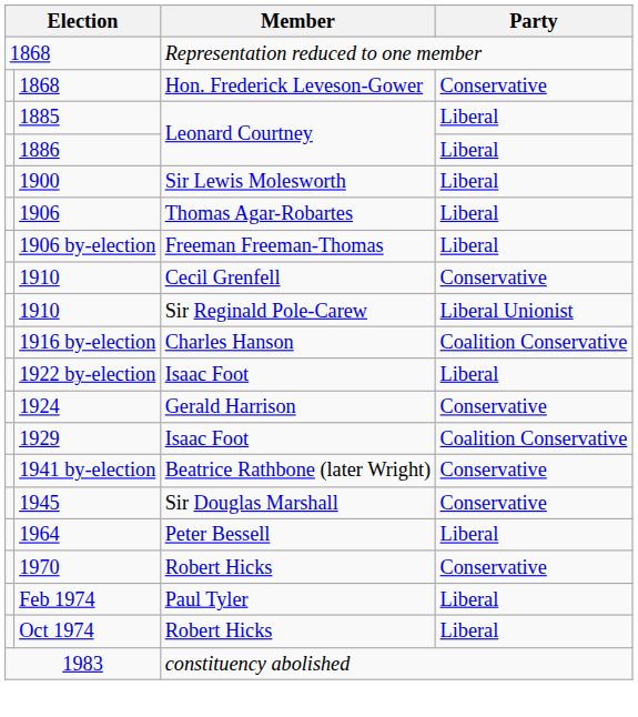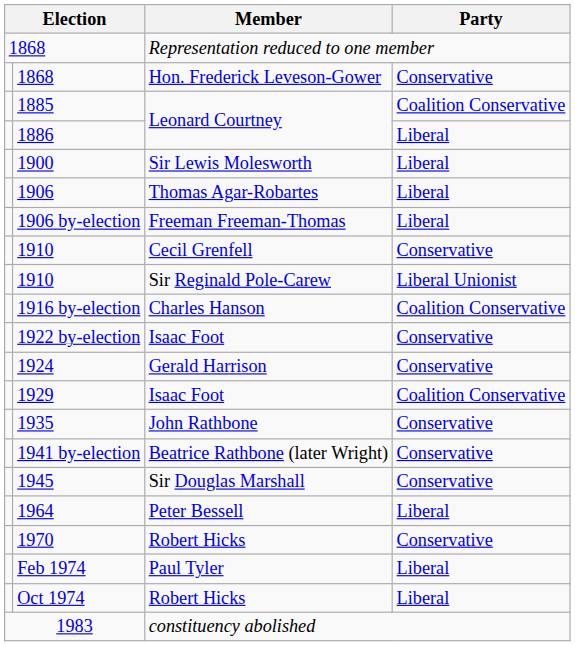 <table class="wikitable">
 <tr>
 <th colspan="2">Election</th>
 <th>Member</th>
 <th>Party</th>
 </tr>
 <tr>
 <td colspan="2"><a href='#'>1868</a></td>
 <td colspan="2"><em>Representation reduced to one member</em></td>
 </tr>
 <tr>
 <td style="color:inherit;background-color: "></td>
 <td><a href='#'>1868</a></td>
 <td><a href='#'>Hon. Frederick Leveson-Gower</a></td>
 <td><a href='#'>Conservative</a></td>
 </tr>
 <tr>
 <td style="color:inherit;background-color: "></td>
 <td><a href='#'>1885</a></td>
 <td rowspan="2"><a href='#'>Leonard Courtney</a></td>
-<td><a href='#'>Liberal</a></td>
+<td><a href='#'>Coalition Conservative</a></td>
 </tr>
 <tr>
 <td style="color:inherit;background-color: "></td>
 <td><a href='#'>1886</a></td>
 <td><a href='#'>Liberal</a></td>
 </tr>
 <tr>
 <td style="color:inherit;background-color: "></td>
 <td><a href='#'>1900</a></td>
 <td><a href='#'>Sir Lewis Molesworth</a></td>
 <td><a href='#'>Liberal</a></td>
 </tr>
 <tr>
 <td style="color:inherit;background-color: "></td>
 <td><a href='#'>1906</a></td>
 <td><a href='#'>Thomas Agar-Robartes</a></td>
 <td><a href='#'>Liberal</a></td>
 </tr>
 <tr>
 <td style="color:inherit;background-color: "></td>
 <td><a href='#'>1906 by-election</a></td>
 <td><a href='#'>Freeman Freeman-Thomas</a></td>
 <td><a href='#'>Liberal</a></td>
 </tr>
 <tr>
 <td style="color:inherit;background-color: "></td>
 <td><a href='#'>1910</a></td>
 <td><a href='#'>Cecil Grenfell</a></td>
 <td><a href='#'>Conservative</a></td>
 </tr>
 <tr>
 <td style="color:inherit;background-color: "></td>
 <td><a href='#'>1910</a></td>
 <td>Sir <a href='#'>Reginald Pole-Carew</a></td>
 <td><a href='#'>Liberal Unionist</a></td>
 </tr>
 <tr>
 <td style="color:inherit;background-color: "></td>
 <td><a href='#'>1916 by-election</a></td>
 <td><a href='#'>Charles Hanson</a></td>
 <td><a href='#'>Coalition Conservative</a></td>
 </tr>
 <tr>
 <td style="color:inherit;background-color: "></td>
 <td><a href='#'>1922 by-election</a></td>
 <td><a href='#'>Isaac Foot</a></td>
-<td><a href='#'>Liberal</a></td>
+<td><a href='#'>Conservative</a></td>
 </tr>
 <tr>
 <td style="color:inherit;background-color: "></td>
 <td><a href='#'>1924</a></td>
 <td><a href='#'>Gerald Harrison</a></td>
 <td><a href='#'>Conservative</a></td>
 </tr>
 <tr>
 <td style="color:inherit;background-color: "></td>
 <td><a href='#'>1929</a></td>
 <td><a href='#'>Isaac Foot</a></td>
 <td><a href='#'>Coalition Conservative</a></td>
+</tr>
+<tr>
+<td style="color:inherit;background-color: "></td>
+<td><a href='#'>1935</a></td>
+<td><a href='#'>John Rathbone</a></td>
+<td><a href='#'>Conservative</a></td>
 </tr>
 <tr>
 <td style="color:inherit;background-color: "></td>
 <td><a href='#'>1941 by-election</a></td>
 <td><a href='#'>Beatrice Rathbone</a> (later Wright)</td>
 <td><a href='#'>Conservative</a></td>
 </tr>
 <tr>
 <td style="color:inherit;background-color: "></td>
 <td><a href='#'>1945</a></td>
 <td>Sir <a href='#'>Douglas Marshall</a></td>
 <td><a href='#'>Conservative</a></td>
 </tr>
 <tr>
 <td style="color:inherit;background-color: "></td>
 <td><a href='#'>1964</a></td>
 <td><a href='#'>Peter Bessell</a></td>
 <td><a href='#'>Liberal</a></td>
 </tr>
 <tr>
 <td style="color:inherit;background-color: "></td>
 <td><a href='#'>1970</a></td>
 <td><a href='#'>Robert Hicks</a></td>
 <td><a href='#'>Conservative</a></td>
 </tr>
 <tr>
 <td style="color:inherit;background-color: "></td>
 <td><a href='#'>Feb 1974</a></td>
 <td><a href='#'>Paul Tyler</a></td>
 <td><a href='#'>Liberal</a></td>
 </tr>
 <tr>
 <td style="color:inherit;background-color: "></td>
 <td><a href='#'>Oct 1974</a></td>
 <td><a href='#'>Robert Hicks</a></td>
 <td><a href='#'>Liberal</a></td>
 </tr>
 <tr>
 <td colspan="2" align="center"><a href='#'>1983</a></td>
 <td colspan="2"><em>constituency abolished</em></td>
 </tr>
 </table>
